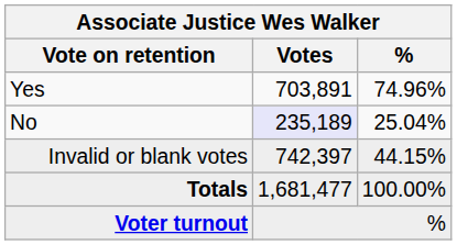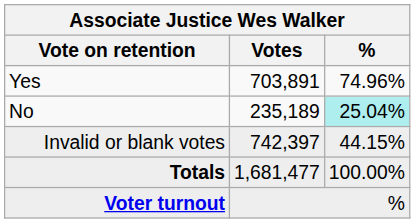 <table class="wikitable" style="font-size: 95%;">
 <tr style="background-color:#E9E9E9">
 <th colspan=7>Associate Justice Wes Walker</th>
 </tr>
 <tr style="background-color:#E9E9E9">
 <th style="width: 170px">Vote on retention</th>
 <th style="width: 50px">Votes</th>
 <th style="width: 40px">%</th>
 </tr>
 <tr>
 <td>Yes</td>
 <td align="right">703,891</td>
 <td align="right">74.96%</td>
 </tr>
 <tr>
 <td>No</td>
-<td align="right" style="background: lavender;">235,189</td>
-<td align="right">25.04%</td>
+<td align="right">235,189</td>
+<td align="right" style="background: paleturquoise;">25.04%</td>
 </tr>
 <tr style="background-color:#EEEEEE">
 <td align="right">Invalid or blank votes</td>
 <td align="right">742,397</td>
 <td align="right">44.15%</td>
 </tr>
 <tr style="background-color:#EEEEEE">
 <td colspan="1" align="right"><strong>Totals</strong></td>
 <td align="right">1,681,477</td>
 <td align="right">100.00%</td>
 </tr>
 <tr style="background-color:#EEEEEE">
 <td align="right"><strong><a href='#'>Voter turnout</a></strong></td>
 <td colspan="2" align="right">%</td>
 </tr>
 </table>
